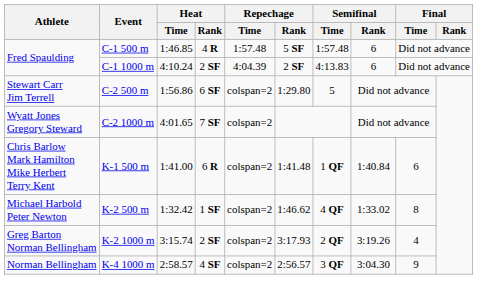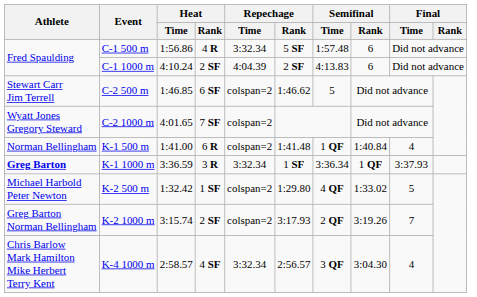 <table class=wikitable style=font-size:90%;text-align:center>
 <tr>
 <th rowspan=2>Athlete</th>
 <th rowspan=2>Event</th>
 <th colspan=2>Heat</th>
 <th colspan=2>Repechage</th>
 <th colspan=2>Semifinal</th>
 <th colspan=2>Final</th>
 </tr>
 <tr style=font-size:95%>
 <th>Time</th>
 <th>Rank</th>
 <th>Time</th>
 <th>Rank</th>
 <th>Time</th>
 <th>Rank</th>
 <th>Time</th>
 <th>Rank</th>
 </tr>
 <tr>
 <td align=left rowspan=2><a href='#'>Fred Spaulding</a></td>
 <td align=left><a href='#'>C-1 500 m</a></td>
-<td>1:46.85</td>
+<td>1:56.86</td>
 <td>4 <strong>R</strong></td>
-<td>1:57.48</td>
+<td>3:32.34</td>
 <td>5 <strong>SF</strong></td>
 <td>1:57.48</td>
 <td>6</td>
 <td colspan=2>Did not advance</td>
 </tr>
 <tr>
 <td align=left><a href='#'>C-1 1000 m</a></td>
 <td>4:10.24</td>
 <td>2 <strong>SF</strong></td>
 <td>4:04.39</td>
 <td>2 <strong>SF</strong></td>
 <td>4:13.83</td>
 <td>6</td>
 <td colspan=2>Did not advance</td>
 </tr>
 <tr>
 <td align=left><a href='#'>Stewart Carr</a><br><a href='#'>Jim Terrell</a></td>
 <td align=left><a href='#'>C-2 500 m</a></td>
-<td>1:56.86</td>
+<td>1:46.85</td>
 <td>6 <strong>SF</strong></td>
 <td>colspan=2 </td>
-<td>1:29.80</td>
+<td>1:46.62</td>
 <td>5</td>
 <td colspan=2>Did not advance</td>
 </tr>
 <tr>
 <td align=left><a href='#'>Wyatt Jones</a><br><a href='#'>Gregory Steward</a></td>
 <td align=left><a href='#'>C-2 1000 m</a></td>
 <td>4:01.65</td>
 <td>7 <strong>SF</strong></td>
 <td>colspan=2 </td>
 <td colspan=2></td>
 <td colspan=2>Did not advance</td>
 </tr>
 <tr>
-<td align=left><a href='#'>Chris Barlow</a><br><a href='#'>Mark Hamilton</a><br><a href='#'>Mike Herbert</a><br><a href='#'>Terry Kent</a></td>
+<td align=left><a href='#'>Norman Bellingham</a></td>
 <td align=left><a href='#'>K-1 500 m</a></td>
 <td>1:41.00</td>
 <td>6 <strong>R</strong></td>
 <td>colspan=2 </td>
 <td>1:41.48</td>
 <td>1 <strong>QF</strong></td>
 <td>1:40.84</td>
-<td>6</td>
+<td>4</td>
+</tr>
+<tr>
+<td align=left><strong><a href='#'>Greg Barton</a></strong></td>
+<td align=left><a href='#'>K-1 1000 m</a></td>
+<td>3:36.59</td>
+<td>3 <strong>R</strong></td>
+<td>3:32.34</td>
+<td>1 <strong>SF</strong></td>
+<td>3:36.34</td>
+<td>1 <strong>QF</strong></td>
+<td>3:37.93</td>
+<td></td>
 </tr>
 <tr>
 <td align=left><a href='#'>Michael Harbold</a><br><a href='#'>Peter Newton</a></td>
 <td align=left><a href='#'>K-2 500 m</a></td>
 <td>1:32.42</td>
 <td>1 <strong>SF</strong></td>
 <td>colspan=2 </td>
-<td>1:46.62</td>
+<td>1:29.80</td>
 <td>4 <strong>QF</strong></td>
 <td>1:33.02</td>
-<td>8</td>
+<td>5</td>
 </tr>
 <tr>
 <td align=left><a href='#'>Greg Barton</a><br><a href='#'>Norman Bellingham</a></td>
 <td align=left><a href='#'>K-2 1000 m</a></td>
 <td>3:15.74</td>
 <td>2 <strong>SF</strong></td>
 <td>colspan=2 </td>
 <td>3:17.93</td>
 <td>2 <strong>QF</strong></td>
 <td>3:19.26</td>
-<td>4</td>
+<td>7</td>
 </tr>
 <tr>
-<td align=left><a href='#'>Norman Bellingham</a></td>
+<td align=left><a href='#'>Chris Barlow</a><br><a href='#'>Mark Hamilton</a><br><a href='#'>Mike Herbert</a><br><a href='#'>Terry Kent</a></td>
 <td align=left><a href='#'>K-4 1000 m</a></td>
 <td>2:58.57</td>
 <td>4 <strong>SF</strong></td>
-<td>colspan=2 </td>
+<td>3:32.34</td>
 <td>2:56.57</td>
 <td>3 <strong>QF</strong></td>
 <td>3:04.30</td>
-<td>9</td>
+<td>4</td>
 </tr>
 </table>
